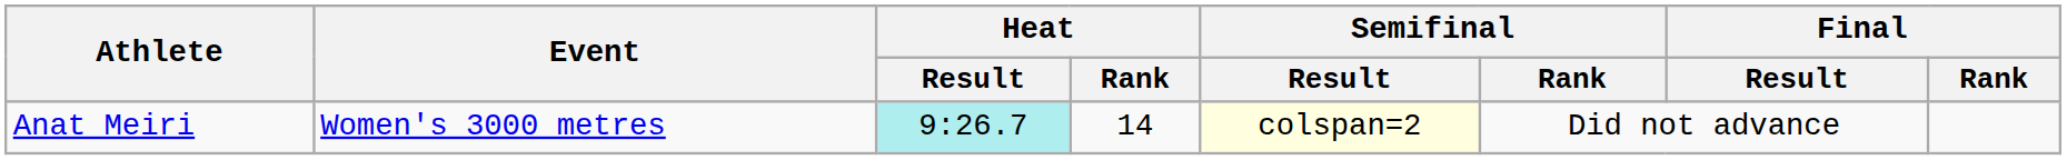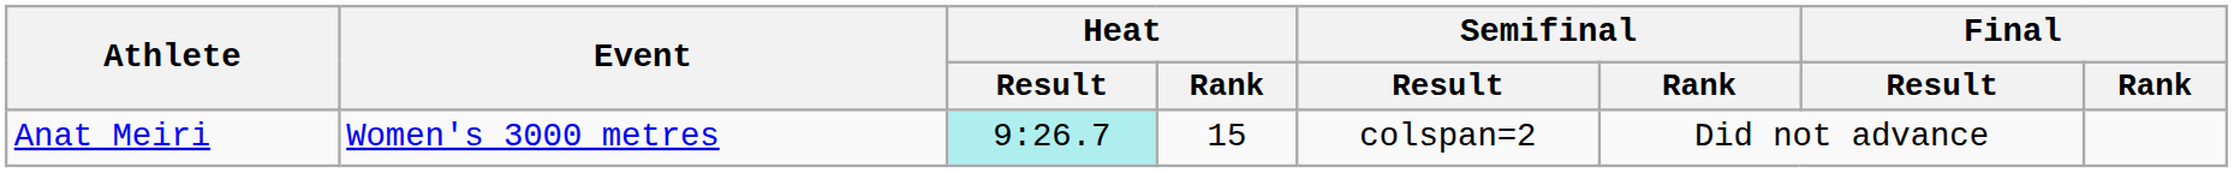 <table class="wikitable" style="font-size:90%; width:40%">
 <tr>
 <th rowspan="2">Athlete</th>
 <th rowspan="2">Event</th>
 <th colspan="2">Heat</th>
 <th colspan="2">Semifinal</th>
 <th colspan="2">Final</th>
 </tr>
 <tr style="font-size:95%">
 <th>Result</th>
 <th>Rank</th>
 <th>Result</th>
 <th>Rank</th>
 <th>Result</th>
 <th>Rank</th>
 </tr>
 <tr align=center>
 <td align=left><a href='#'>Anat Meiri</a></td>
 <td align=left><a href='#'>Women's 3000 metres</a></td>
 <td style="background: paleturquoise;">9:26.7</td>
-<td>14</td>
-<td style="background: lightyellow;">colspan=2 </td>
+<td>15</td>
+<td>colspan=2 </td>
 <td colspan=2>Did not advance</td>
 </tr>
 </table>
